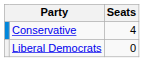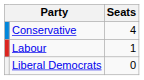 <table class="wikitable">
 <tr>
 <th colspan=2>Party</th>
 <th>Seats</th>
 </tr>
 <tr>
 <th style="background-color: #0087DC"></th>
 <td><a href='#'>Conservative</a></td>
 <td align=right>4</td>
 </tr>
 <tr>
+<th style="background-color: #DC241f"></th>
+<td><a href='#'>Labour</a></td>
+<td align=right>1</td>
+</tr>
+<tr>
 <th style="background-color: "></th>
 <td><a href='#'>Liberal Democrats</a></td>
 <td align=right>0</td>
 </tr>
 </table>
